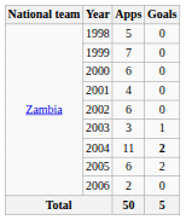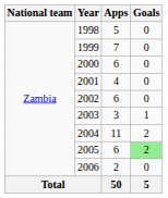 <table class="wikitable" style="text-align:center">
 <tr>
 <th>National team</th>
 <th>Year</th>
 <th>Apps</th>
 <th>Goals</th>
 </tr>
 <tr>
 <td rowspan="9"><a href='#'>Zambia</a></td>
 <td>1998</td>
 <td>5</td>
 <td>0</td>
 </tr>
 <tr>
 <td>1999</td>
 <td>7</td>
 <td>0</td>
 </tr>
 <tr>
 <td>2000</td>
 <td>6</td>
 <td>0</td>
 </tr>
 <tr>
 <td>2001</td>
 <td>4</td>
 <td>0</td>
 </tr>
 <tr>
 <td>2002</td>
 <td>6</td>
 <td>0</td>
 </tr>
 <tr>
 <td>2003</td>
 <td>3</td>
 <td>1</td>
 </tr>
 <tr>
 <td>2004</td>
 <td>11</td>
-<td><strong>2</strong></td>
+<td>2</td>
 </tr>
 <tr>
 <td>2005</td>
 <td>6</td>
-<td>2</td>
+<td style="background: lightgreen;">2</td>
 </tr>
 <tr>
 <td>2006</td>
 <td>2</td>
 <td>0</td>
 </tr>
 <tr>
 <th colspan="2">Total</th>
 <th>50</th>
 <th>5</th>
 </tr>
 </table>
